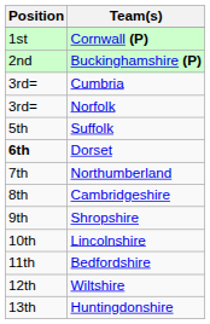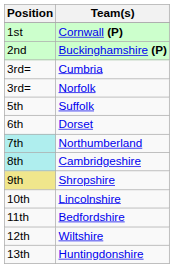 <table class="wikitable">
 <tr>
 <th>Position</th>
 <th>Team(s)</th>
 </tr>
 <tr>
 </tr>
 <tr style="background:#cfc">
 <td>1st</td>
 <td><a href='#'>Cornwall</a> <strong>(P)</strong></td>
 </tr>
 <tr style="background:#cfc">
 <td>2nd</td>
 <td><a href='#'>Buckinghamshire</a> <strong>(P)</strong></td>
 </tr>
 <tr>
 <td>3rd=</td>
 <td><a href='#'>Cumbria</a></td>
 </tr>
 <tr>
 <td>3rd=</td>
 <td><a href='#'>Norfolk</a></td>
 </tr>
 <tr>
 <td>5th</td>
 <td><a href='#'>Suffolk</a></td>
 </tr>
 <tr>
-<td><strong>6th</strong></td>
+<td>6th</td>
 <td><a href='#'>Dorset</a></td>
 </tr>
 <tr>
-<td>7th</td>
+<td style="background: paleturquoise;">7th</td>
 <td><a href='#'>Northumberland</a></td>
 </tr>
 <tr>
-<td>8th</td>
+<td style="background: paleturquoise;">8th</td>
 <td><a href='#'>Cambridgeshire</a></td>
 </tr>
 <tr>
-<td>9th</td>
+<td style="background: khaki;">9th</td>
 <td><a href='#'>Shropshire</a></td>
 </tr>
 <tr>
 <td>10th</td>
 <td><a href='#'>Lincolnshire</a></td>
 </tr>
 <tr>
 <td>11th</td>
 <td><a href='#'>Bedfordshire</a></td>
 </tr>
 <tr>
 <td>12th</td>
 <td><a href='#'>Wiltshire</a></td>
 </tr>
 <tr>
 <td>13th</td>
 <td><a href='#'>Huntingdonshire</a></td>
 </tr>
 </table>
